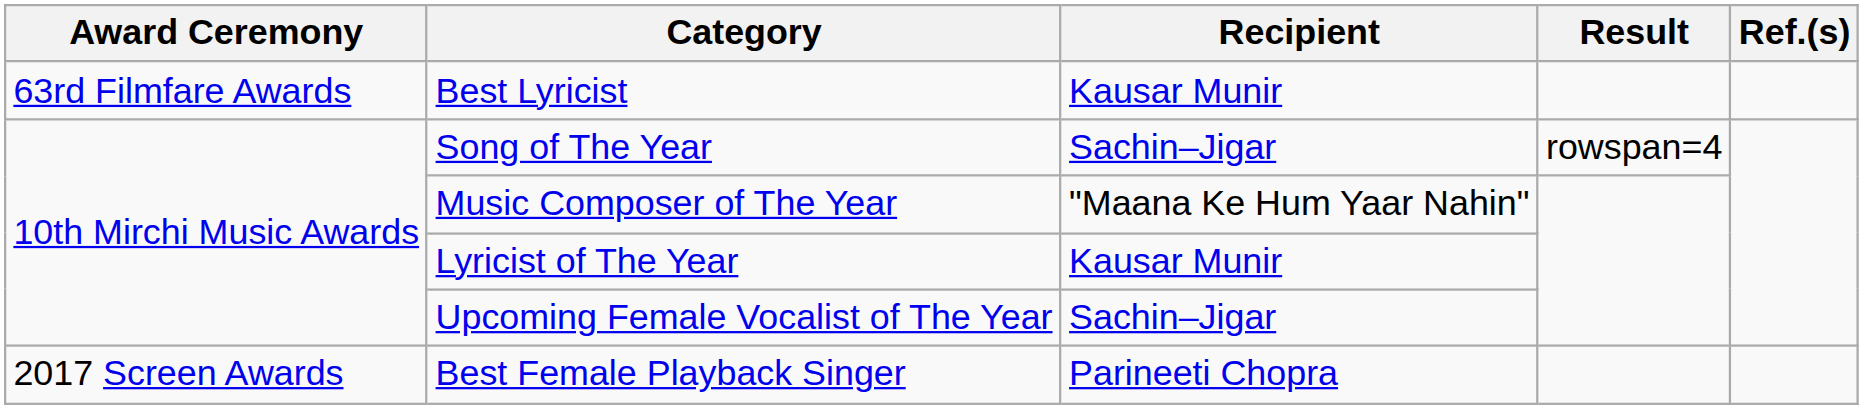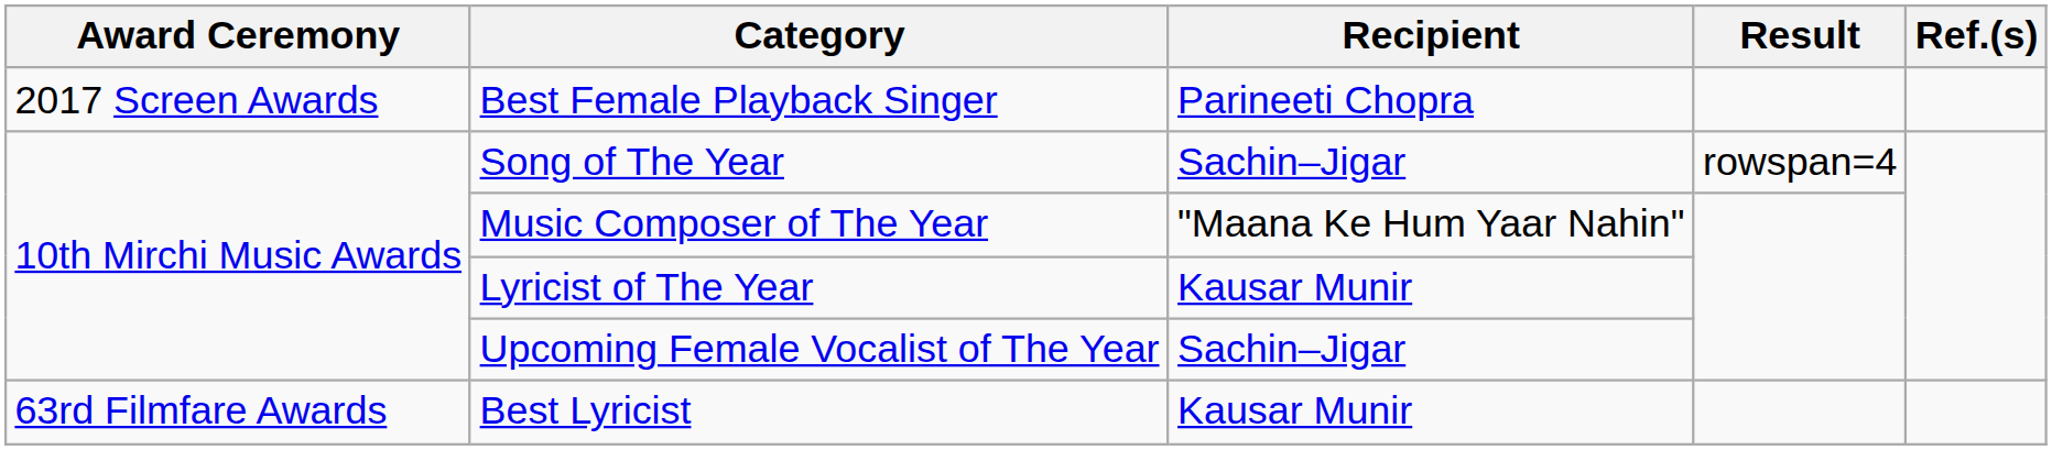 <table class="wikitable">
 <tr>
 <th>Award Ceremony</th>
 <th>Category</th>
 <th>Recipient</th>
 <th>Result</th>
 <th>Ref.(s)</th>
 </tr>
 <tr>
-<td><a href='#'>63rd Filmfare Awards</a></td>
-<td><a href='#'>Best Lyricist</a></td>
-<td><a href='#'>Kausar Munir</a></td>
+<td>2017 <a href='#'>Screen Awards</a></td>
+<td><a href='#'>Best Female Playback Singer</a></td>
+<td><a href='#'>Parineeti Chopra</a></td>
 <td></td>
 <td></td>
 </tr>
 <tr>
 <td rowspan=4><a href='#'>10th Mirchi Music Awards</a></td>
 <td><a href='#'>Song of The Year</a></td>
 <td><a href='#'>Sachin–Jigar</a></td>
 <td>rowspan=4 </td>
 <td rowspan=4></td>
 </tr>
 <tr>
 <td><a href='#'>Music Composer of The Year</a></td>
 <td>"Maana Ke Hum Yaar Nahin"</td>
 </tr>
 <tr>
 <td><a href='#'>Lyricist of The Year</a></td>
 <td><a href='#'>Kausar Munir</a></td>
 </tr>
 <tr>
 <td><a href='#'>Upcoming Female Vocalist of The Year</a></td>
 <td><a href='#'>Sachin–Jigar</a></td>
 </tr>
 <tr>
-<td>2017 <a href='#'>Screen Awards</a></td>
-<td><a href='#'>Best Female Playback Singer</a></td>
-<td><a href='#'>Parineeti Chopra</a></td>
+<td><a href='#'>63rd Filmfare Awards</a></td>
+<td><a href='#'>Best Lyricist</a></td>
+<td><a href='#'>Kausar Munir</a></td>
 <td></td>
 <td></td>
 </tr>
 </table>
